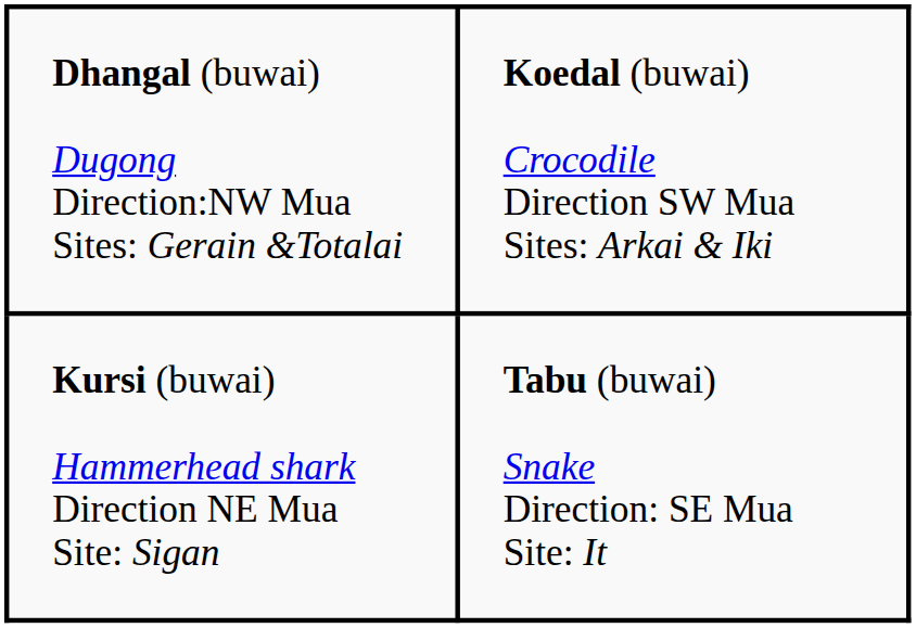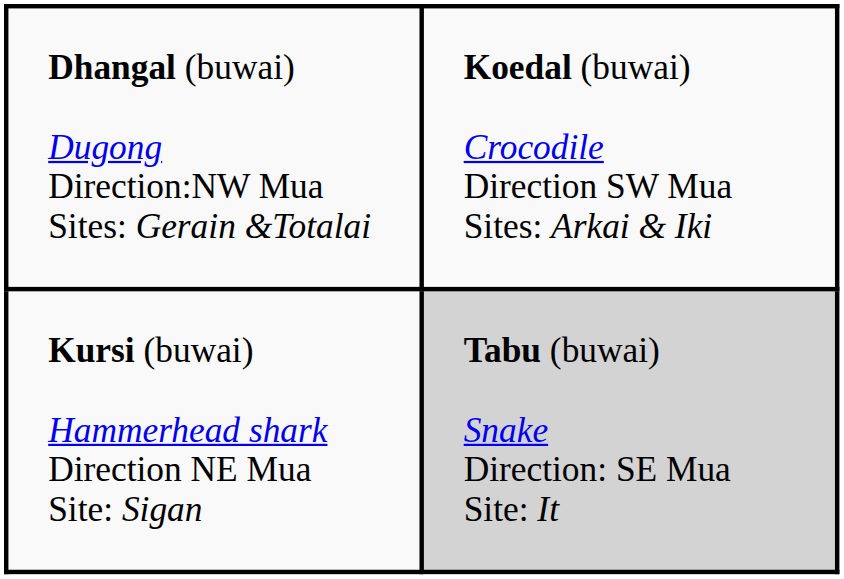 <table class="wikitable">
 <tr style="height: 90px;">
 <td style="border: 2px solid black; padding: 18px; width: 150px;"><strong>Dhangal</strong> (buwai)<br><br><em><a href='#'>Dugong</a></em><br> Direction:NW Mua<br> Sites: <em>Gerain &Totalai</em><br></td>
 <td style="border: 2px solid black; padding: 18px; width: 150px;"><strong>Koedal</strong> (buwai)<br><br><em><a href='#'>Crocodile</a></em><br> Direction SW Mua<br> Sites: <em>Arkai & Iki</em><br></td>
 </tr>
 <tr style="height: 90px;">
 <td style="border: 2px solid black; padding: 18px;"><strong>Kursi</strong> (buwai)<br><br><em><a href='#'>Hammerhead shark</a></em><br> Direction NE  Mua<br> Site: <em>Sigan</em><br></td>
-<td style="border: 2px solid black; padding: 18px;"><strong>Tabu</strong> (buwai)<br><br><em><a href='#'>Snake</a></em><br> Direction: SE  Mua<br> Site: <em>It</em> <br></td>
+<td style="background: lightgrey; border: 2px solid black; padding: 18px;"><strong>Tabu</strong> (buwai)<br><br><em><a href='#'>Snake</a></em><br> Direction: SE  Mua<br> Site: <em>It</em> <br></td>
 </tr>
 </table>
